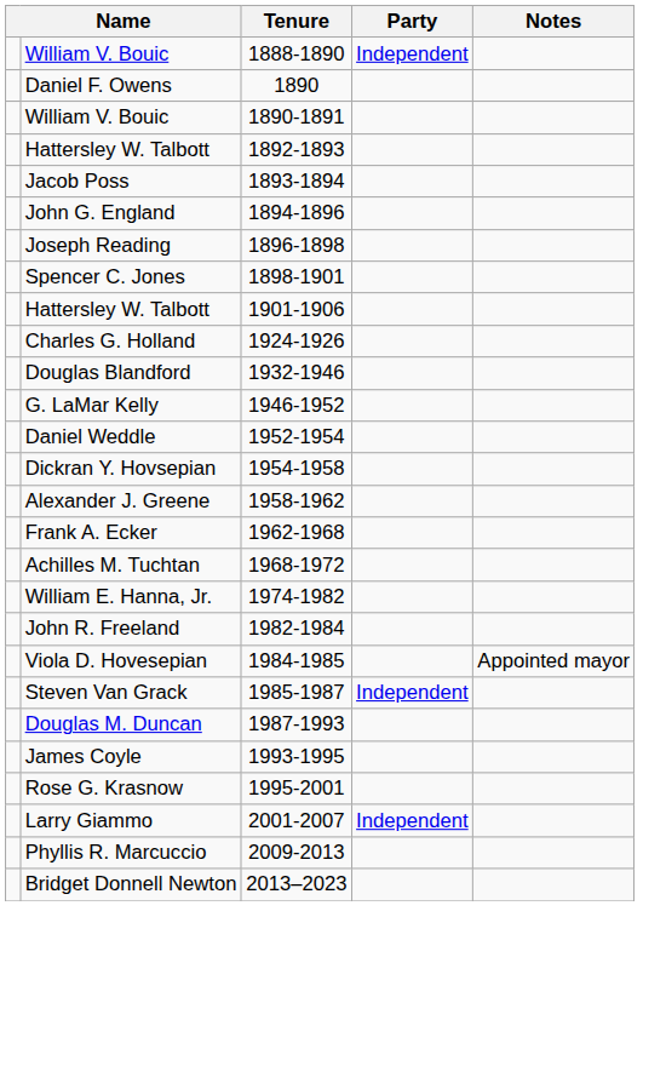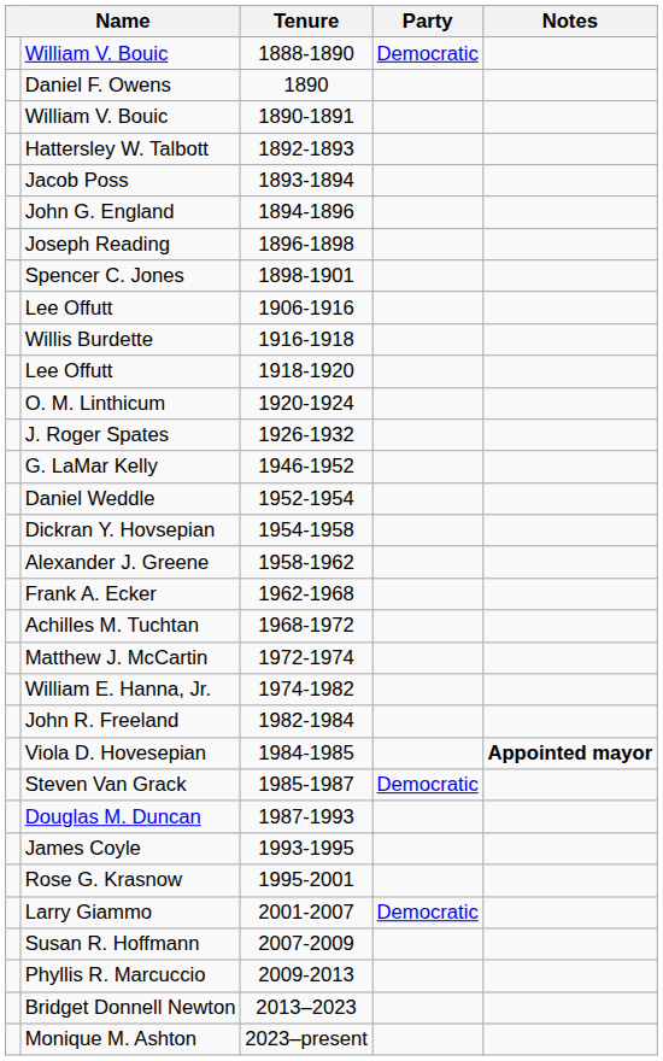 <table class=wikitable>
 <tr>
 <th colspan="2" style="text-align:center; vertical-align:bottom;">Name</th>
 <th style="text-align:center;">Tenure</th>
 <th style="text-align:center;" valign=bottom>Party</th>
 <th style="vertical-align:bottom; text-align:center;">Notes</th>
 </tr>
 <tr>
 <td style="background-color:"> </td>
 <td><a href='#'>William V. Bouic</a></td>
 <td style="text-align:center;">1888-1890</td>
-<td style="text-align:center;"><a href='#'>Independent</a></td>
+<td style="text-align:center;"><a href='#'>Democratic</a></td>
 <td style="text-align:center;"></td>
 </tr>
 <tr>
 <td></td>
 <td>Daniel F. Owens</td>
 <td style="text-align:center;">1890</td>
 <td style="text-align:center;"></td>
 <td style="text-align:center;"></td>
 </tr>
 <tr>
 <td></td>
 <td>William V. Bouic</td>
 <td style="text-align:center;">1890-1891</td>
 <td style="text-align:center;"></td>
 <td style="text-align:center;"></td>
 </tr>
 <tr>
 <td></td>
 <td>Hattersley W. Talbott</td>
 <td style="text-align:center;">1892-1893</td>
 <td style="text-align:center;"></td>
 <td style="text-align:center;"></td>
 </tr>
 <tr>
 <td></td>
 <td>Jacob Poss</td>
 <td style="text-align:center;">1893-1894</td>
 <td style="text-align:center;"></td>
 <td style="text-align:center;"></td>
 </tr>
 <tr>
 <td></td>
 <td>John G. England</td>
 <td style="text-align:center;">1894-1896</td>
 <td style="text-align:center;"></td>
 <td style="text-align:center;"></td>
 </tr>
 <tr>
 <td></td>
 <td>Joseph Reading</td>
 <td style="text-align:center;">1896-1898</td>
 <td style="text-align:center;"></td>
 <td style="text-align:center;"></td>
 </tr>
 <tr>
 <td></td>
 <td>Spencer C. Jones</td>
 <td style="text-align:center;">1898-1901</td>
 <td style="text-align:center;"></td>
 <td style="text-align:center;"></td>
 </tr>
 <tr>
 <td></td>
-<td>Hattersley W. Talbott</td>
-<td style="text-align:center;">1901-1906</td>
+<td>Lee Offutt</td>
+<td style="text-align:center;">1906-1916</td>
 <td style="text-align:center;"></td>
 <td style="text-align:center;"></td>
 </tr>
 <tr>
 <td></td>
-<td>Charles G. Holland</td>
-<td style="text-align:center;">1924-1926</td>
+<td>Willis Burdette</td>
+<td style="text-align:center;">1916-1918</td>
 <td style="text-align:center;"></td>
 <td style="text-align:center;"></td>
 </tr>
 <tr>
 <td></td>
-<td>Douglas Blandford</td>
-<td style="text-align:center;">1932-1946</td>
+<td>Lee Offutt</td>
+<td style="text-align:center;">1918-1920</td>
+<td style="text-align:center;"></td>
+<td style="text-align:center;"></td>
+</tr>
+<tr>
+<td></td>
+<td>O. M. Linthicum</td>
+<td style="text-align:center;">1920-1924</td>
+<td style="text-align:center;"></td>
+<td style="text-align:center;"></td>
+</tr>
+<tr>
+<td></td>
+<td>J. Roger Spates</td>
+<td style="text-align:center;">1926-1932</td>
 <td style="text-align:center;"></td>
 <td style="text-align:center;"></td>
 </tr>
 <tr>
 <td></td>
 <td>G. LaMar Kelly</td>
 <td style="text-align:center;">1946-1952</td>
 <td style="text-align:center;"></td>
 <td style="text-align:center;"></td>
 </tr>
 <tr>
 <td></td>
 <td>Daniel Weddle</td>
 <td style="text-align:center;">1952-1954</td>
 <td style="text-align:center;"></td>
 <td style="text-align:center;"></td>
 </tr>
 <tr>
 <td></td>
 <td>Dickran Y. Hovsepian</td>
 <td style="text-align:center;">1954-1958</td>
 <td style="text-align:center;"></td>
 <td style="text-align:center;"></td>
 </tr>
 <tr>
 <td></td>
 <td>Alexander J. Greene</td>
 <td style="text-align:center;">1958-1962</td>
 <td style="text-align:center;"></td>
 <td style="text-align:center;"></td>
 </tr>
 <tr>
 <td></td>
 <td>Frank A. Ecker</td>
 <td style="text-align:center;">1962-1968</td>
 <td style="text-align:center;"></td>
 <td style="text-align:center;"></td>
 </tr>
 <tr>
 <td></td>
 <td>Achilles M. Tuchtan</td>
 <td style="text-align:center;">1968-1972</td>
 <td style="text-align:center;"></td>
 <td style="text-align:center;"></td>
 </tr>
 <tr>
 <td></td>
+<td>Matthew J. McCartin</td>
+<td style="text-align:center;">1972-1974</td>
+<td style="text-align:center;"></td>
+<td style="text-align:center;"></td>
+</tr>
+<tr>
+<td></td>
 <td>William E. Hanna, Jr.</td>
 <td style="text-align:center;">1974-1982</td>
 <td style="text-align:center;"></td>
 <td style="text-align:center;"></td>
 </tr>
 <tr>
 <td></td>
 <td>John R. Freeland</td>
 <td style="text-align:center;">1982-1984</td>
 <td style="text-align:center;"></td>
 <td style="text-align:center;"></td>
 </tr>
 <tr>
 <td></td>
 <td>Viola D. Hovesepian</td>
 <td style="text-align:center;">1984-1985</td>
 <td style="text-align:center;"></td>
-<td>Appointed mayor</td>
+<td><strong>Appointed mayor</strong></td>
 </tr>
 <tr>
 <td style="background-color:"> </td>
 <td>Steven Van Grack</td>
 <td style="text-align:center;">1985-1987</td>
-<td style="text-align:center;"><a href='#'>Independent</a></td>
+<td style="text-align:center;"><a href='#'>Democratic</a></td>
 <td style="text-align:center;"></td>
 </tr>
 <tr>
 <td style="background-color:"> </td>
 <td><a href='#'>Douglas M. Duncan</a></td>
 <td style="text-align:center;">1987-1993</td>
 <td style="text-align:center;"></td>
 <td style="text-align:center;"></td>
 </tr>
 <tr>
 <td></td>
 <td>James Coyle</td>
 <td style="text-align:center;">1993-1995</td>
 <td style="text-align:center;"></td>
 <td style="text-align:center;"></td>
 </tr>
 <tr>
 <td></td>
 <td>Rose G. Krasnow</td>
 <td style="text-align:center;">1995-2001</td>
 <td style="text-align:center;"></td>
 <td style="text-align:center;"></td>
 </tr>
 <tr>
 <td style="background-color:"> </td>
 <td>Larry Giammo</td>
 <td style="text-align:center;">2001-2007</td>
-<td style="text-align:center;"><a href='#'>Independent</a></td>
+<td style="text-align:center;"><a href='#'>Democratic</a></td>
+<td style="text-align:center;"></td>
+</tr>
+<tr>
+<td style="background-color:"> </td>
+<td>Susan R. Hoffmann</td>
+<td style="text-align:center;">2007-2009</td>
+<td style="text-align:center;"></td>
 <td style="text-align:center;"></td>
 </tr>
 <tr>
 <td style="background-color:"> </td>
 <td>Phyllis R. Marcuccio</td>
 <td style="text-align:center;">2009-2013</td>
 <td style="text-align:center;"></td>
 <td style="text-align:center;"></td>
 </tr>
 <tr>
 <td style="background-color:"> </td>
 <td>Bridget Donnell Newton</td>
 <td style="text-align:center;">2013–2023</td>
 <td style="text-align:center;"></td>
 <td style="text-align:center;"></td>
 </tr>
+<tr>
+<td></td>
+<td>Monique M. Ashton</td>
+<td style="text-align:center;">2023–present</td>
+<td style="text-align:center;"></td>
+<td style="text-align:center;"></td>
+</tr>
 </table>
